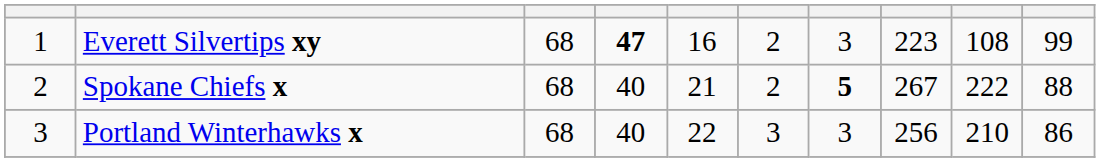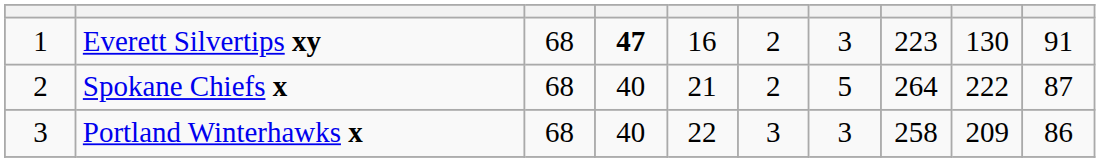 <table class="wikitable sortable">
 <tr>
 <th style="width:2em"></th>
 <th style="width:15em;" class="unsortable"></th>
 <th style="width:2em;"></th>
 <th style="width:2em;"></th>
 <th style="width:2em;"></th>
 <th style="width:2em;"></th>
 <th style="width:2em;"></th>
 <th style="width:2em;"></th>
 <th style="width:2em;"></th>
 <th style="width:2em;"></th>
 </tr>
 <tr style="font-weight: ; text-align: center;">
 <td>1</td>
 <td style="text-align:left;"><a href='#'>Everett Silvertips</a> <strong>xy</strong></td>
 <td>68</td>
 <td><strong>47</strong></td>
 <td>16</td>
 <td>2</td>
 <td>3</td>
 <td>223</td>
-<td>108</td>
-<td>99</td>
+<td>130</td>
+<td>91</td>
 </tr>
 <tr style="font-weight: ; text-align: center;">
 <td>2</td>
 <td style="text-align:left;"><a href='#'>Spokane Chiefs</a> <strong>x</strong></td>
 <td>68</td>
 <td>40</td>
 <td>21</td>
 <td>2</td>
-<td><strong>5</strong></td>
-<td>267</td>
+<td>5</td>
+<td>264</td>
 <td>222</td>
-<td>88</td>
+<td>87</td>
 </tr>
 <tr style="font-weight: ; text-align: center;">
 <td>3</td>
 <td style="text-align:left;"><a href='#'>Portland Winterhawks</a> <strong>x</strong></td>
 <td>68</td>
 <td>40</td>
 <td>22</td>
 <td>3</td>
 <td>3</td>
-<td>256</td>
-<td>210</td>
+<td>258</td>
+<td>209</td>
 <td>86</td>
 </tr>
 </table>
